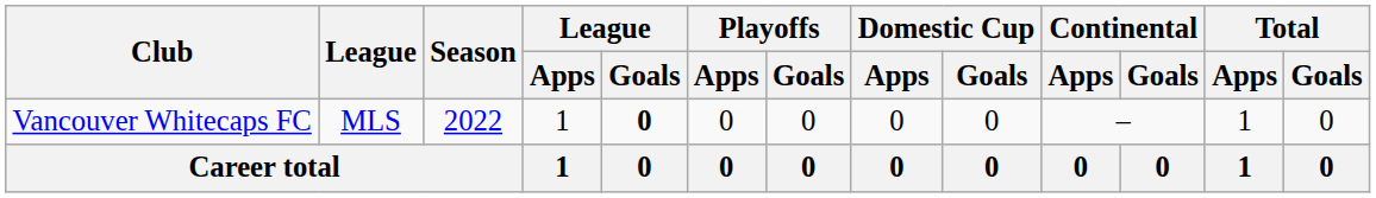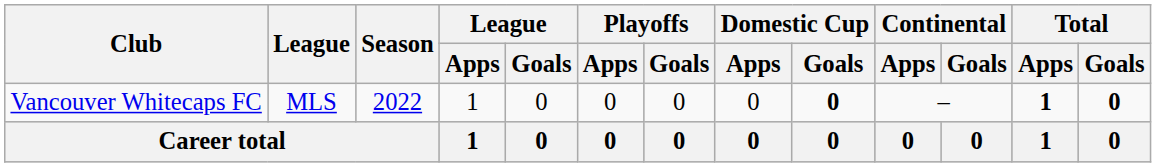 <table class="wikitable" style="text-align:center">
 <tr>
 <th rowspan="2">Club</th>
 <th rowspan="2">League</th>
 <th rowspan="2">Season</th>
 <th colspan="2">League</th>
 <th colspan="2">Playoffs</th>
 <th colspan="2">Domestic Cup</th>
 <th colspan="2">Continental</th>
 <th colspan="2">Total</th>
 </tr>
 <tr>
 <th>Apps</th>
 <th>Goals</th>
 <th>Apps</th>
 <th>Goals</th>
 <th>Apps</th>
 <th>Goals</th>
 <th>Apps</th>
 <th>Goals</th>
 <th>Apps</th>
 <th>Goals</th>
 </tr>
 <tr>
 <td><a href='#'>Vancouver Whitecaps FC</a></td>
 <td><a href='#'>MLS</a></td>
 <td><a href='#'>2022</a></td>
 <td>1</td>
-<td><strong>0</strong></td>
 <td>0</td>
 <td>0</td>
 <td>0</td>
 <td>0</td>
+<td><strong>0</strong></td>
 <td colspan="2">–</td>
-<td>1</td>
-<td>0</td>
+<td><strong>1</strong></td>
+<td><strong>0</strong></td>
 </tr>
 <tr>
 <th colspan="3">Career total</th>
 <th>1</th>
 <th>0</th>
 <th>0</th>
 <th>0</th>
 <th>0</th>
 <th>0</th>
 <th>0</th>
 <th>0</th>
 <th>1</th>
 <th>0</th>
 </tr>
 </table>
